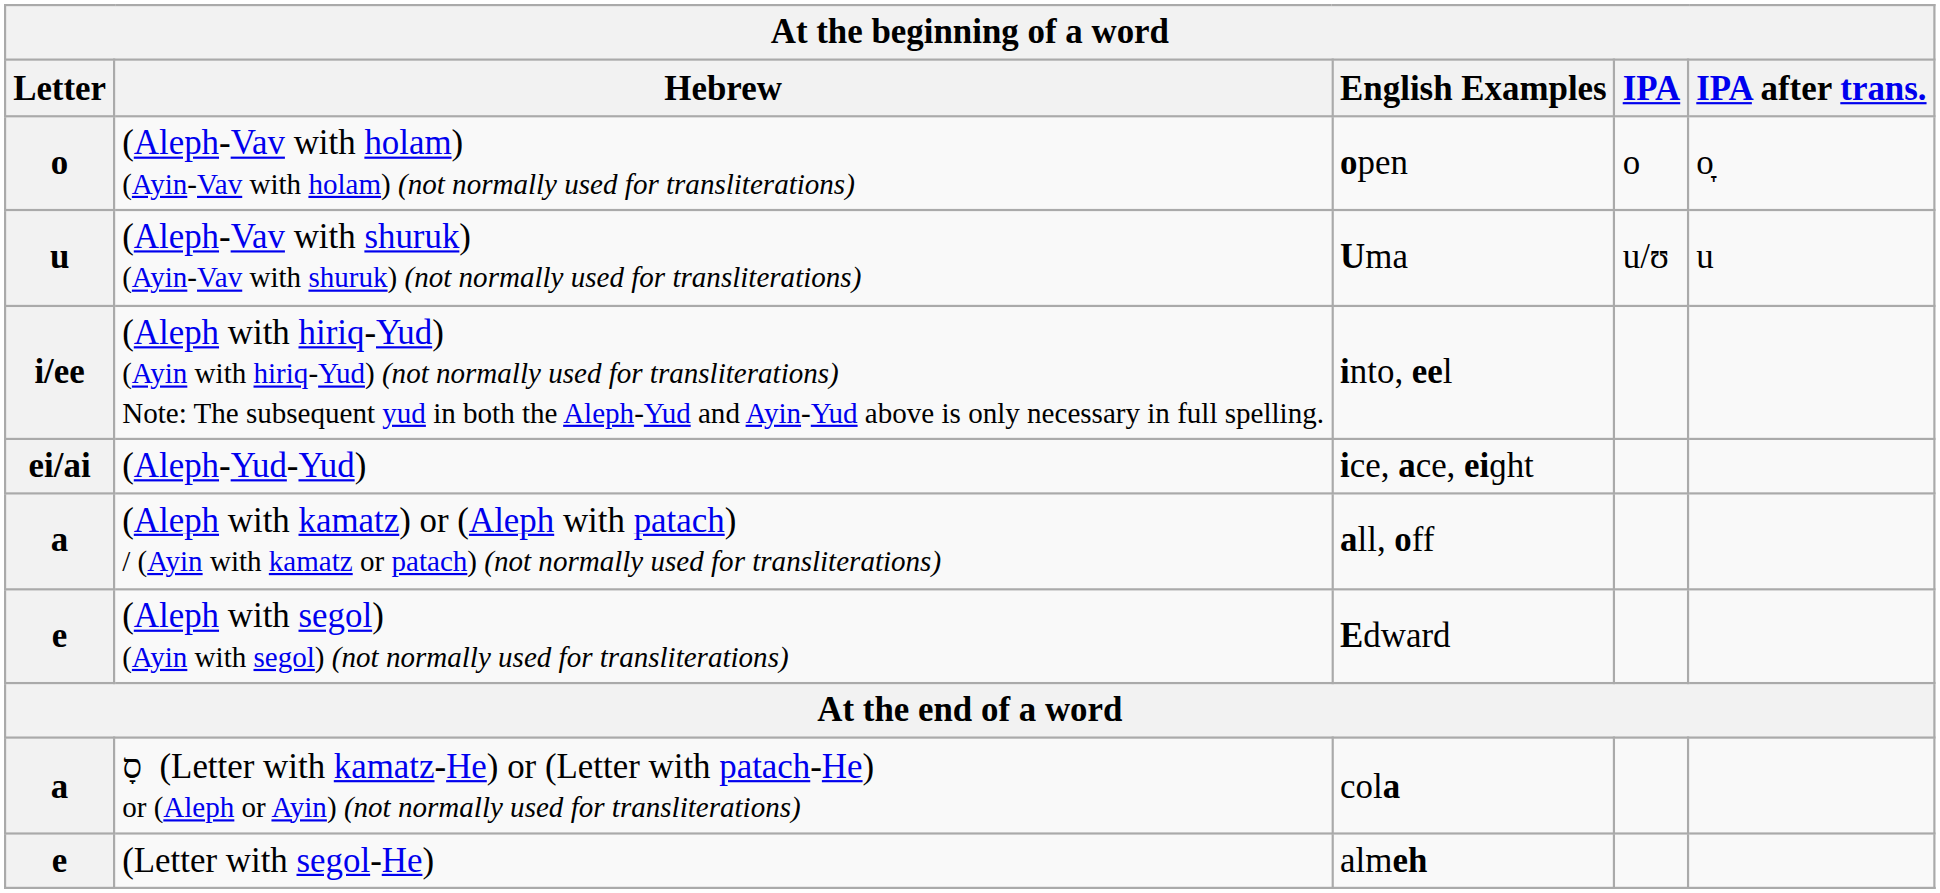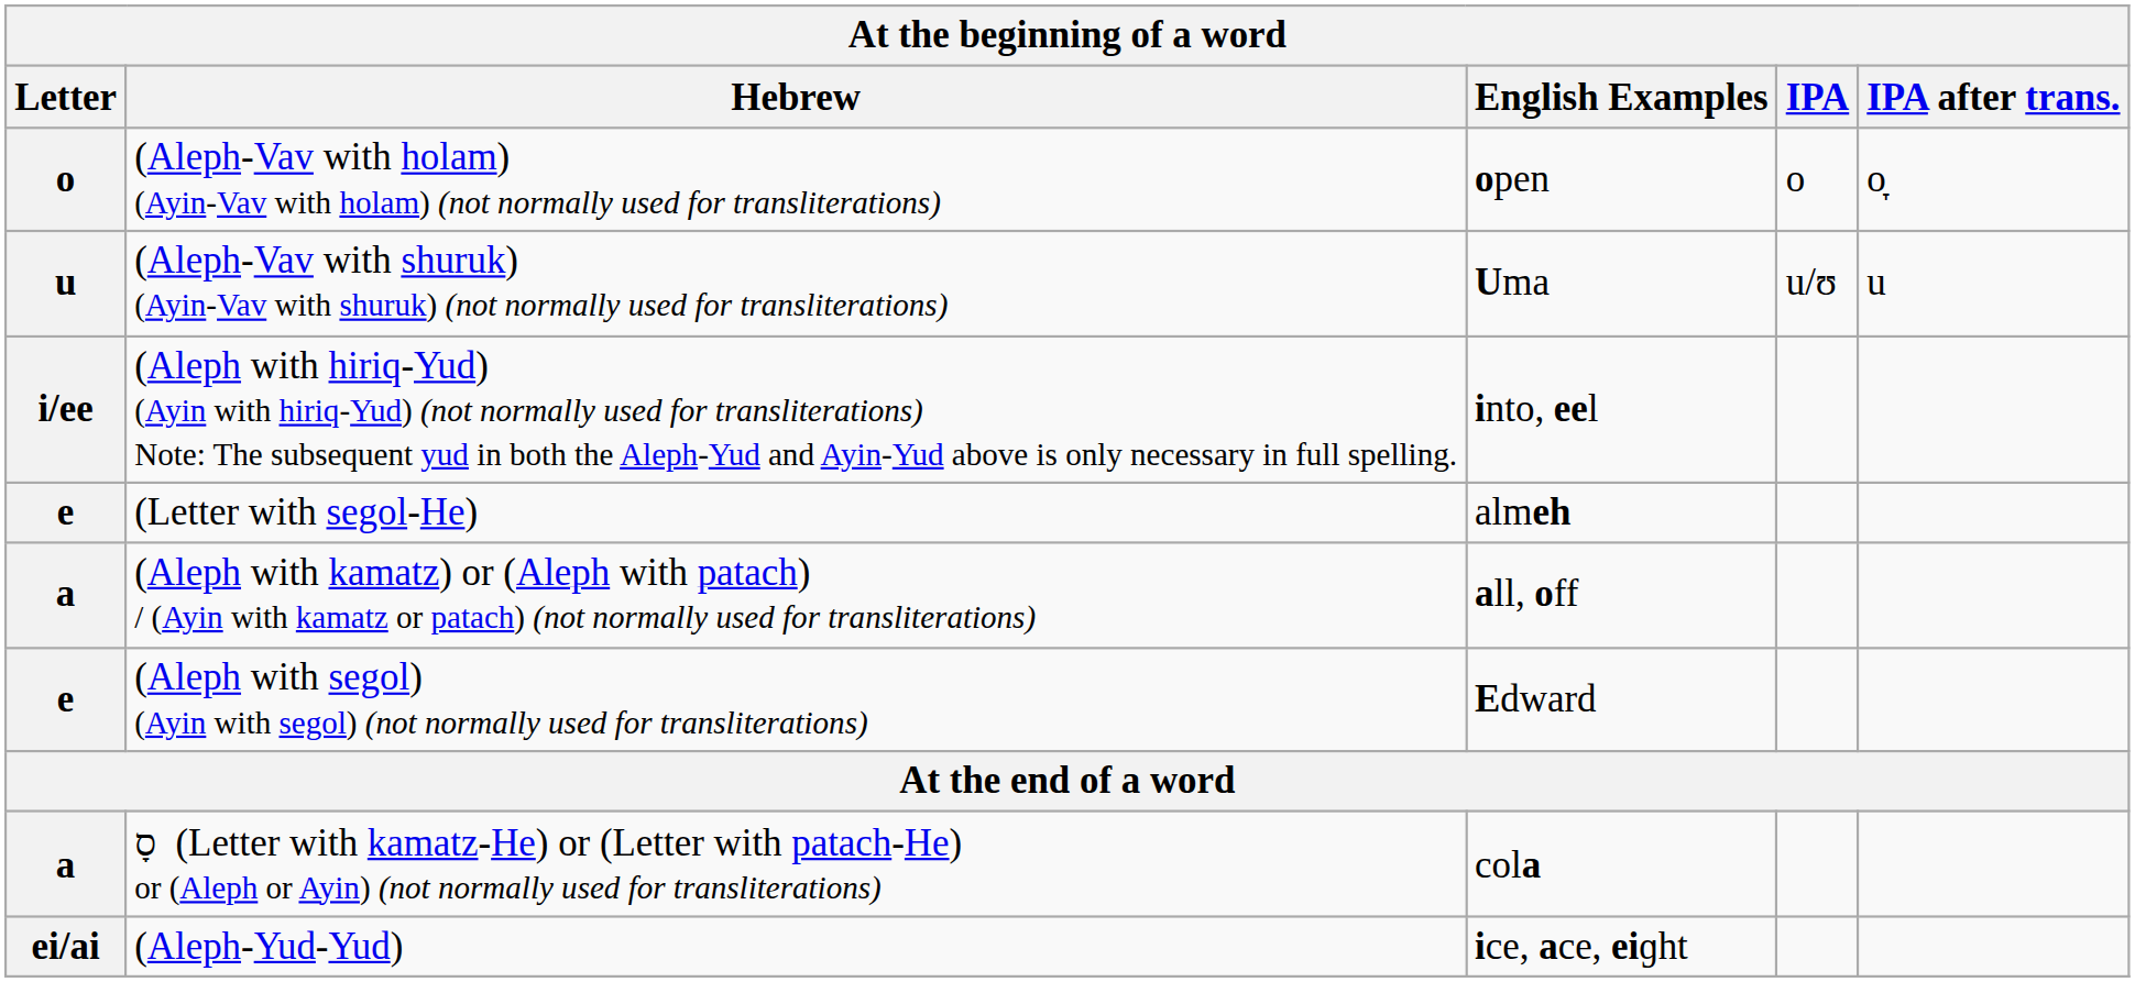 <table class="wikitable">
 <tr>
 <th colspan="5">At the beginning of a word</th>
 </tr>
 <tr>
 <th width="0%">Letter</th>
 <th>Hebrew</th>
 <th>English Examples</th>
 <th><a href='#'>IPA</a></th>
 <th><a href='#'>IPA</a> after <a href='#'>trans.</a></th>
 </tr>
 <tr>
 <th>o</th>
 <td> (<a href='#'>Aleph</a>-<a href='#'>Vav</a> with <a href='#'>holam</a>)<br><small> (<a href='#'>Ayin</a>-<a href='#'>Vav</a> with <a href='#'>holam</a>) <em>(not normally used for transliterations)</em></small></td>
 <td><strong>o</strong>pen</td>
 <td>o</td>
 <td>o̞</td>
 </tr>
 <tr>
 <th>u</th>
 <td> (<a href='#'>Aleph</a>-<a href='#'>Vav</a> with <a href='#'>shuruk</a>)<br><small> (<a href='#'>Ayin</a>-<a href='#'>Vav</a> with <a href='#'>shuruk</a>) <em>(not normally used for transliterations)</em></small></td>
 <td><strong>U</strong>ma</td>
 <td>u/ʊ</td>
 <td>u</td>
 </tr>
 <tr>
 <th>i/ee</th>
 <td> (<a href='#'>Aleph</a> with <a href='#'>hiriq</a>-<a href='#'>Yud</a>)<br><small> (<a href='#'>Ayin</a> with <a href='#'>hiriq</a>-<a href='#'>Yud</a>) <em>(not normally used for transliterations)</em></small><br><small>Note: The subsequent <a href='#'>yud</a> in both the <a href='#'>Aleph</a>-<a href='#'>Yud</a> and <a href='#'>Ayin</a>-<a href='#'>Yud</a> above is only necessary in full spelling.</small></td>
 <td><strong>i</strong>nto, <strong>ee</strong>l</td>
 <td></td>
 <td></td>
 </tr>
 <tr>
-<th>ei/ai</th>
-<td> (<a href='#'>Aleph</a>-<a href='#'>Yud</a>-<a href='#'>Yud</a>)</td>
-<td><strong>i</strong>ce, <strong>a</strong>ce, <strong>ei</strong>ɡht</td>
+<th>e</th>
+<td> (Letter with <a href='#'>segol</a>-<a href='#'>He</a>)</td>
+<td>alm<strong>eh</strong></td>
 <td></td>
 <td></td>
 </tr>
 <tr>
 <th>a</th>
 <td> (<a href='#'>Aleph</a> with <a href='#'>kamatz</a>) or  (<a href='#'>Aleph</a> with <a href='#'>patach</a>)<br><small> / (<a href='#'>Ayin</a> with <a href='#'>kamatz</a> or <a href='#'>patach</a>) <em>(not normally used for transliterations)</em></small></td>
 <td><strong>a</strong>ll, <strong>o</strong>ff</td>
 <td></td>
 <td></td>
 </tr>
 <tr>
 <th>e</th>
 <td> (<a href='#'>Aleph</a> with <a href='#'>segol</a>)<br><small> (<a href='#'>Ayin</a> with <a href='#'>segol</a>) <em>(not normally used for transliterations)</em></small></td>
 <td><strong>E</strong>dward</td>
 <td></td>
 <td></td>
 </tr>
 <tr>
 <th colspan="5">At the end of a word</th>
 </tr>
 <tr>
 <th>a</th>
 <td><span>סָ</span> ‎ (Letter with <a href='#'>kamatz</a>-<a href='#'>He</a>) or  (Letter with <a href='#'>patach</a>-<a href='#'>He</a>)<br><small> or  (<a href='#'>Aleph</a> or <a href='#'>Ayin</a>) <em>(not normally used for transliterations)</em></small></td>
 <td>col<strong>a</strong></td>
 <td></td>
 <td></td>
 </tr>
 <tr>
-<th>e</th>
-<td> (Letter with <a href='#'>segol</a>-<a href='#'>He</a>)</td>
-<td>alm<strong>eh</strong></td>
+<th>ei/ai</th>
+<td> (<a href='#'>Aleph</a>-<a href='#'>Yud</a>-<a href='#'>Yud</a>)</td>
+<td><strong>i</strong>ce, <strong>a</strong>ce, <strong>ei</strong>ɡht</td>
 <td></td>
 <td></td>
 </tr>
 <tr>
 </tr>
 </table>
